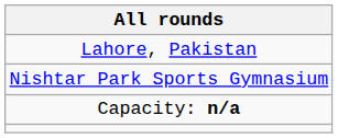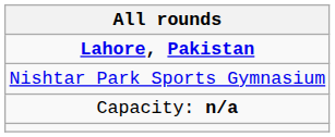 <table class=wikitable style=text-align:center>
 <tr>
 <th>All rounds</th>
 </tr>
 <tr>
-<td><a href='#'>Lahore</a>, <a href='#'>Pakistan</a></td>
+<td><strong><a href='#'>Lahore</a>, <a href='#'>Pakistan</a></strong></td>
 </tr>
 <tr>
 <td><a href='#'>Nishtar Park Sports Gymnasium</a></td>
 </tr>
 <tr>
 <td>Capacity: <strong>n/a</strong></td>
 </tr>
 <tr>
 <td></td>
 </tr>
 </table>
